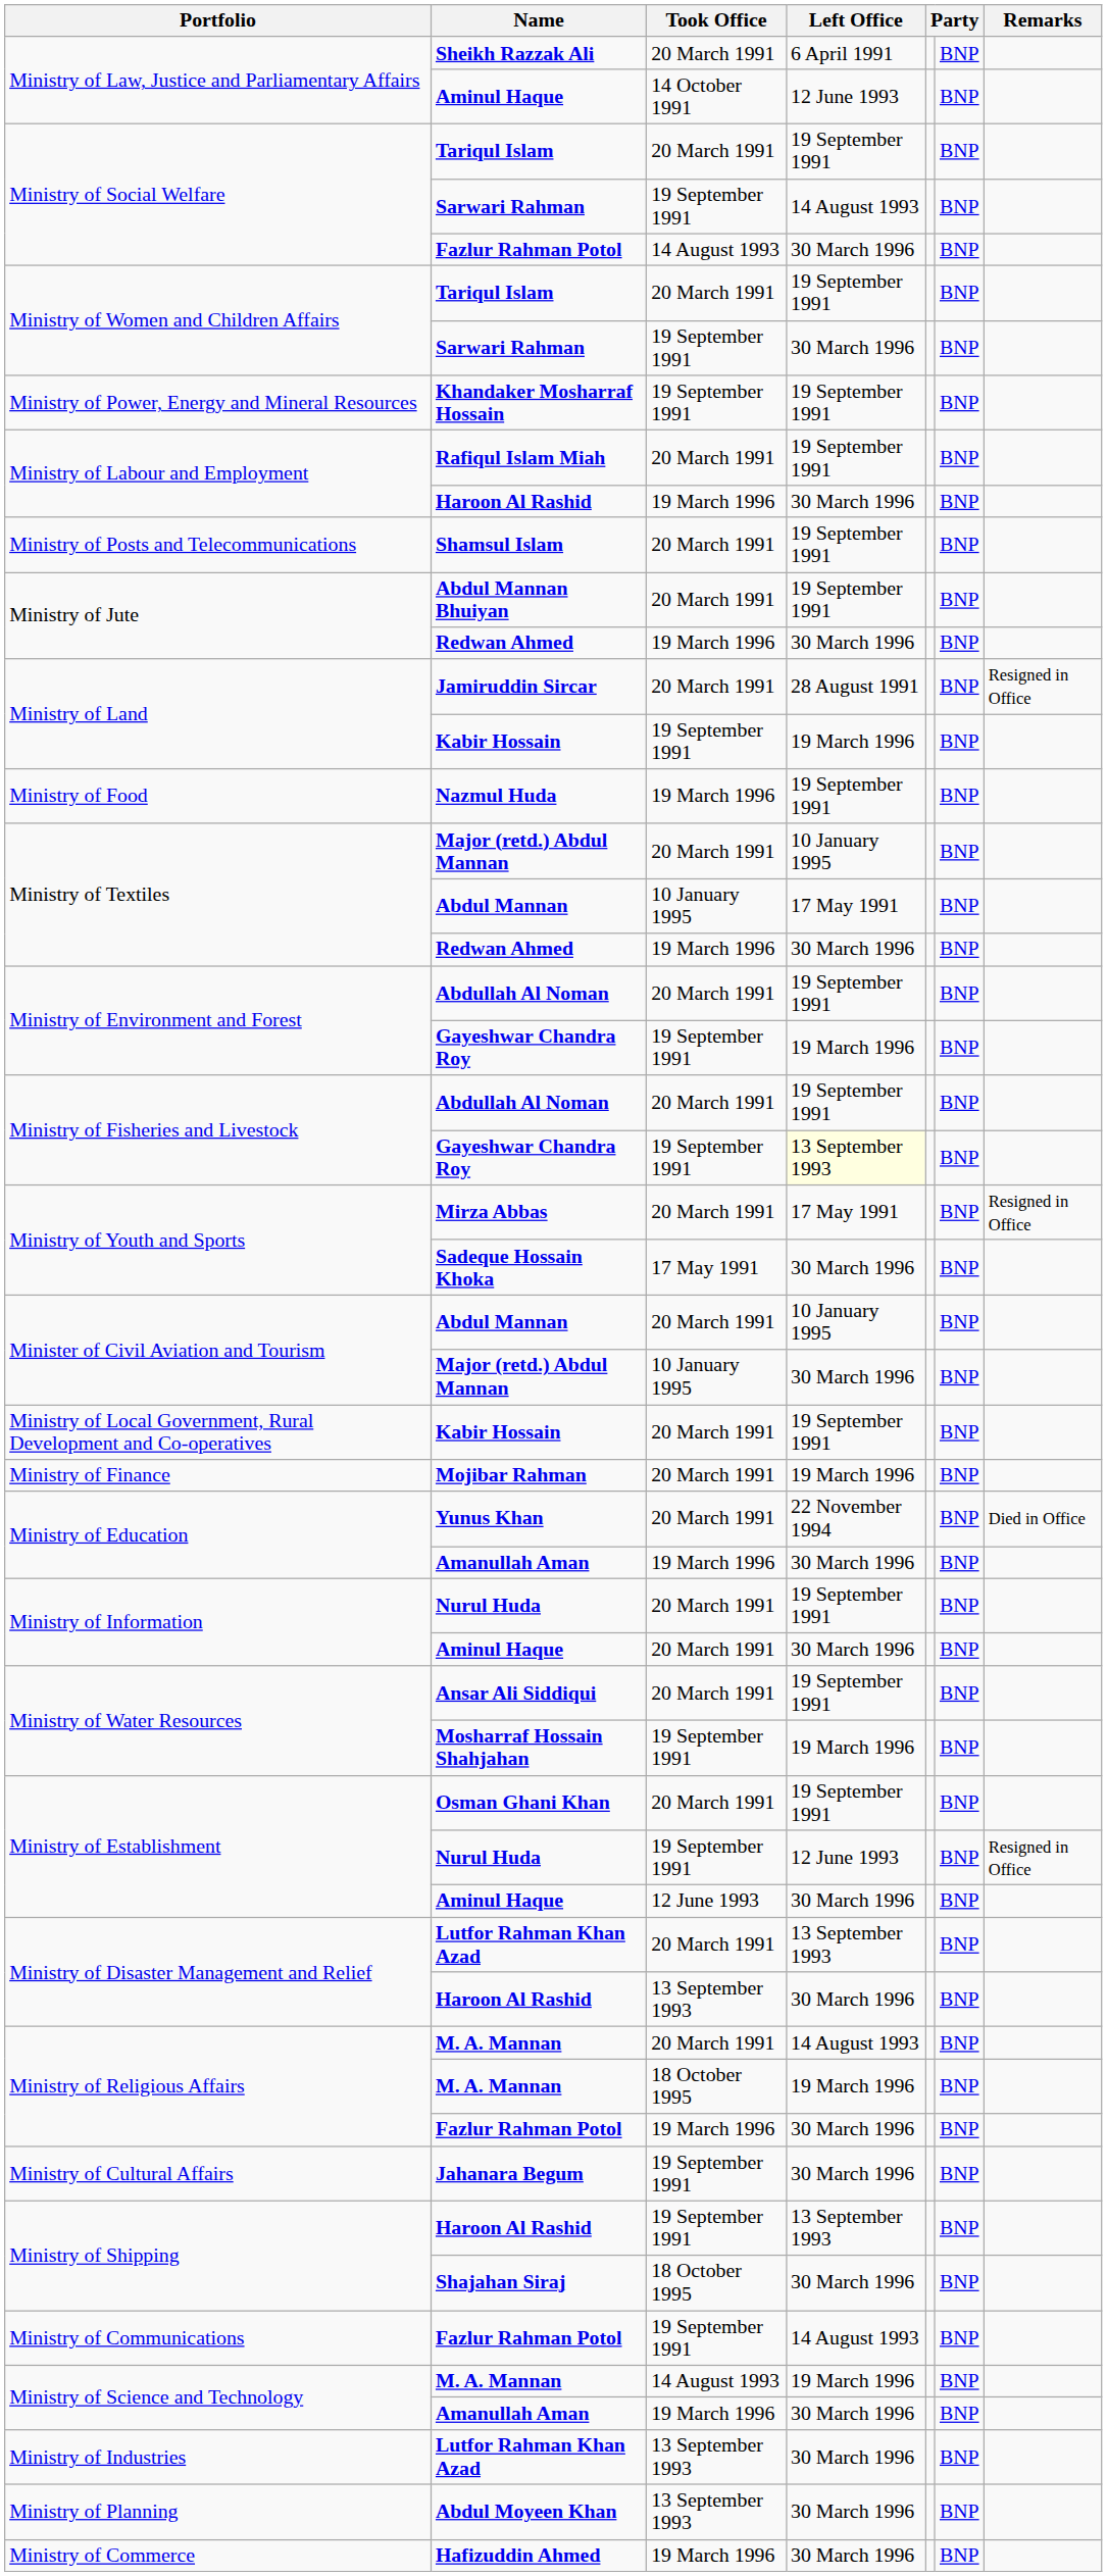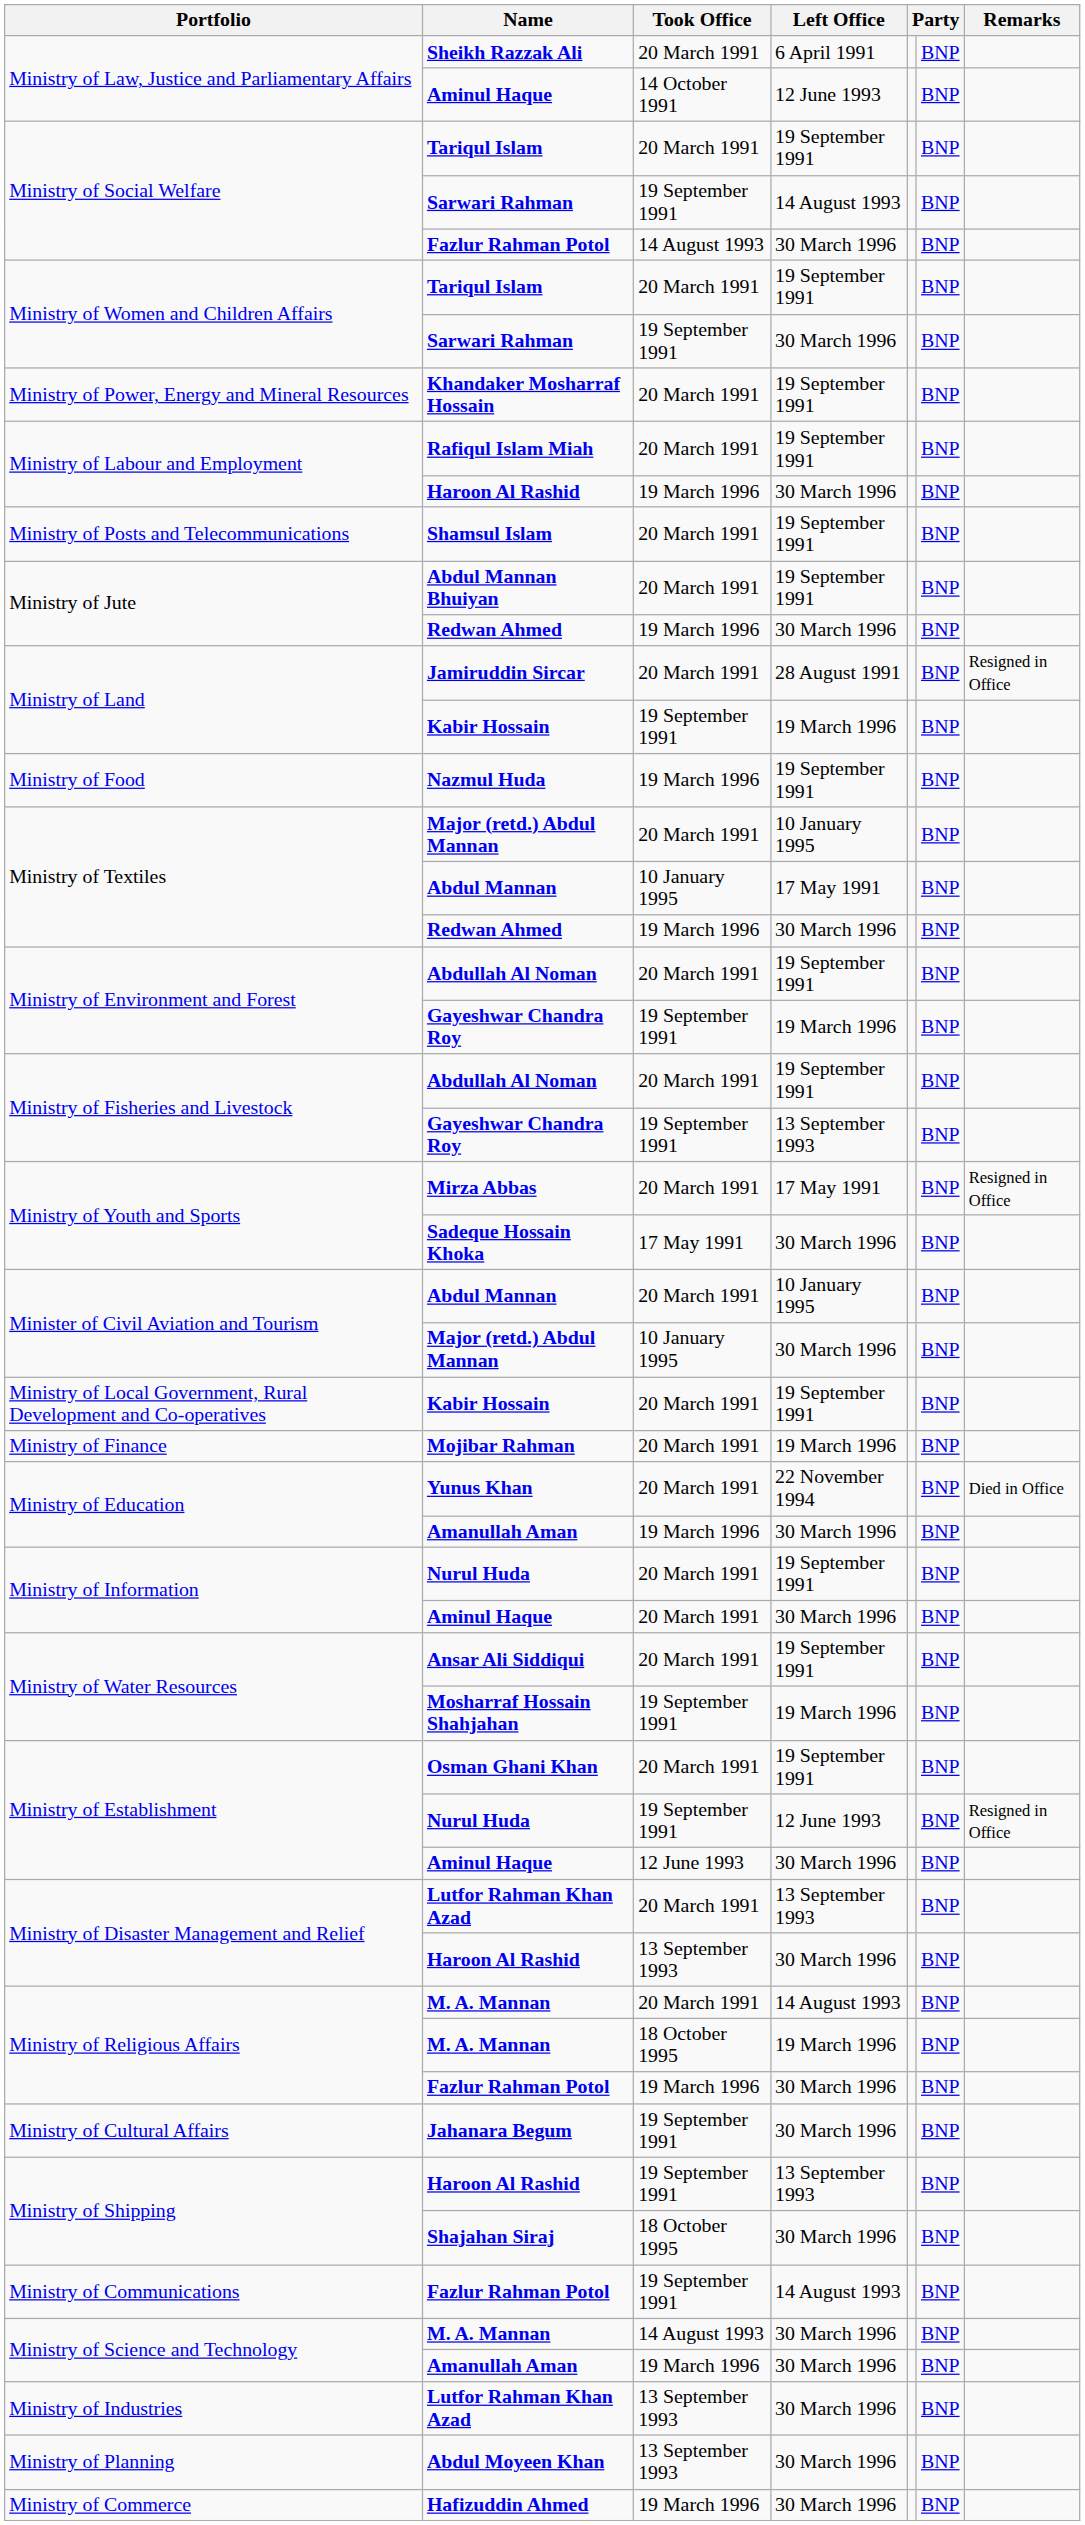 <table class="wikitable sortable">
 <tr>
 <th>Portfolio</th>
 <th>Name</th>
 <th>Took Office</th>
 <th>Left Office</th>
 <th colspan="2">Party</th>
 <th>Remarks</th>
 </tr>
 <tr>
 <td rowspan="2"><a href='#'>Ministry of Law, Justice and Parliamentary Affairs</a></td>
 <td><a href='#'><strong>Sheikh Razzak Ali</strong></a></td>
 <td>20 March 1991</td>
 <td>6 April 1991</td>
 <td style="background-color:"></td>
 <td><a href='#'>BNP</a></td>
 <td></td>
 </tr>
 <tr>
 <td><a href='#'><strong>Aminul Haque</strong></a></td>
 <td>14 October 1991</td>
 <td>12 June 1993</td>
 <td style="background-color:"></td>
 <td><a href='#'>BNP</a></td>
 <td></td>
 </tr>
 <tr>
 <td rowspan="3"><a href='#'>Ministry of Social Welfare</a></td>
 <td><a href='#'><strong>Tariqul Islam</strong></a></td>
 <td>20 March 1991</td>
 <td>19 September 1991</td>
 <td style="background-color:"></td>
 <td><a href='#'>BNP</a></td>
 <td></td>
 </tr>
 <tr>
 <td><a href='#'><strong>Sarwari Rahman</strong></a></td>
 <td>19 September 1991</td>
 <td>14 August 1993</td>
 <td style="background-color:"></td>
 <td><a href='#'>BNP</a></td>
 <td></td>
 </tr>
 <tr>
 <td><a href='#'><strong>Fazlur Rahman Potol</strong></a></td>
 <td>14 August 1993</td>
 <td>30 March 1996</td>
 <td style="background-color:"></td>
 <td><a href='#'>BNP</a></td>
 <td></td>
 </tr>
 <tr>
 <td rowspan="2"><a href='#'>Ministry of Women and Children Affairs</a></td>
 <td><a href='#'><strong>Tariqul Islam</strong></a></td>
 <td>20 March 1991</td>
 <td>19 September 1991</td>
 <td style="background-color:"></td>
 <td><a href='#'>BNP</a></td>
 <td></td>
 </tr>
 <tr>
 <td><a href='#'><strong>Sarwari Rahman</strong></a></td>
 <td>19 September 1991</td>
 <td>30 March 1996</td>
 <td style="background-color:"></td>
 <td><a href='#'>BNP</a></td>
 <td></td>
 </tr>
 <tr>
 <td><a href='#'>Ministry of Power, Energy and Mineral Resources</a></td>
 <td><a href='#'><strong>Khandaker Mosharraf Hossain</strong></a></td>
-<td>19 September 1991</td>
+<td>20 March 1991</td>
 <td>19 September 1991</td>
 <td style="background-color:"></td>
 <td><a href='#'>BNP</a></td>
 <td></td>
 </tr>
 <tr>
 <td rowspan="2"><a href='#'>Ministry of Labour and Employment</a></td>
 <td><a href='#'><strong>Rafiqul Islam Miah</strong></a></td>
 <td>20 March 1991</td>
 <td>19 September 1991</td>
 <td style="background-color:"></td>
 <td><a href='#'>BNP</a></td>
 <td></td>
 </tr>
 <tr>
 <td><a href='#'><strong>Haroon Al Rashid</strong></a></td>
 <td>19 March 1996</td>
 <td>30 March 1996</td>
 <td style="background-color:"></td>
 <td><a href='#'>BNP</a></td>
 <td></td>
 </tr>
 <tr>
 <td><a href='#'>Ministry of Posts and Telecommunications</a></td>
 <td><a href='#'><strong>Shamsul Islam</strong></a></td>
 <td>20 March 1991</td>
 <td>19 September 1991</td>
 <td style="background-color:"></td>
 <td><a href='#'>BNP</a></td>
 <td></td>
 </tr>
 <tr>
 <td rowspan="2">Ministry of Jute</td>
 <td><a href='#'><strong>Abdul Mannan Bhuiyan</strong></a></td>
 <td>20 March 1991</td>
 <td>19 September 1991</td>
 <td style="background-color:"></td>
 <td><a href='#'>BNP</a></td>
 <td></td>
 </tr>
 <tr>
 <td><a href='#'><strong>Redwan Ahmed</strong></a></td>
 <td>19 March 1996</td>
 <td>30 March 1996</td>
 <td style="background-color:"></td>
 <td><a href='#'>BNP</a></td>
 <td></td>
 </tr>
 <tr>
 <td rowspan="2"><a href='#'>Ministry of Land</a></td>
 <td><a href='#'><strong>Jamiruddin Sircar</strong></a></td>
 <td>20 March 1991</td>
 <td>28 August 1991</td>
 <td style="background-color:"></td>
 <td><a href='#'>BNP</a></td>
 <td><small>Resigned in Office</small></td>
 </tr>
 <tr>
 <td><a href='#'><strong>Kabir Hossain</strong></a></td>
 <td>19 September 1991</td>
 <td>19 March 1996</td>
 <td style="background-color:"></td>
 <td><a href='#'>BNP</a></td>
 <td></td>
 </tr>
 <tr>
 <td><a href='#'>Ministry of Food</a></td>
 <td><a href='#'><strong>Nazmul Huda</strong></a></td>
 <td>19 March 1996</td>
 <td>19 September 1991</td>
 <td style="background-color:"></td>
 <td><a href='#'>BNP</a></td>
 <td></td>
 </tr>
 <tr>
 <td rowspan="3">Ministry of Textiles</td>
 <td><a href='#'><strong>Major (retd.) Abdul Mannan</strong></a></td>
 <td>20 March 1991</td>
 <td>10 January 1995</td>
 <td style="background-color:"></td>
 <td><a href='#'>BNP</a></td>
 <td></td>
 </tr>
 <tr>
 <td><a href='#'><strong>Abdul Mannan</strong></a></td>
 <td>10 January 1995</td>
 <td>17 May 1991</td>
 <td style="background-color:"></td>
 <td><a href='#'>BNP</a></td>
 <td></td>
 </tr>
 <tr>
 <td><a href='#'><strong>Redwan Ahmed</strong></a></td>
 <td>19 March 1996</td>
 <td>30 March 1996</td>
 <td style="background-color:"></td>
 <td><a href='#'>BNP</a></td>
 <td></td>
 </tr>
 <tr>
 <td rowspan="2"><a href='#'>Ministry of Environment and Forest</a></td>
 <td><a href='#'><strong>Abdullah Al Noman</strong></a></td>
 <td>20 March 1991</td>
 <td>19 September 1991</td>
 <td style="background-color:"></td>
 <td><a href='#'>BNP</a></td>
 <td></td>
 </tr>
 <tr>
 <td><a href='#'><strong>Gayeshwar Chandra Roy</strong></a></td>
 <td>19 September 1991</td>
 <td>19 March 1996</td>
 <td style="background-color:"></td>
 <td><a href='#'>BNP</a></td>
 <td></td>
 </tr>
 <tr>
 <td rowspan="2"><a href='#'>Ministry of Fisheries and Livestock</a></td>
 <td><a href='#'><strong>Abdullah Al Noman</strong></a></td>
 <td>20 March 1991</td>
 <td>19 September 1991</td>
 <td style="background-color:"></td>
 <td><a href='#'>BNP</a></td>
 <td></td>
 </tr>
 <tr>
 <td><a href='#'><strong>Gayeshwar Chandra Roy</strong></a></td>
 <td>19 September 1991</td>
-<td style="background: lightyellow;">13 September 1993</td>
+<td>13 September 1993</td>
 <td style="background-color:"></td>
 <td><a href='#'>BNP</a></td>
 <td></td>
 </tr>
 <tr>
 <td rowspan="2"><a href='#'>Ministry of Youth and Sports</a></td>
 <td><a href='#'><strong>Mirza Abbas</strong></a></td>
 <td>20 March 1991</td>
 <td>17 May 1991</td>
 <td style="background-color:"></td>
 <td><a href='#'>BNP</a></td>
 <td><small>Resigned in Office</small></td>
 </tr>
 <tr>
 <td><a href='#'><strong>Sadeque Hossain Khoka</strong></a></td>
 <td>17 May 1991</td>
 <td>30 March 1996</td>
 <td style="background-color:"></td>
 <td><a href='#'>BNP</a></td>
 <td></td>
 </tr>
 <tr>
 <td rowspan="2"><a href='#'>Minister of Civil Aviation and Tourism</a></td>
 <td><a href='#'><strong>Abdul Mannan</strong></a></td>
 <td>20 March 1991</td>
 <td>10 January 1995</td>
 <td style="background-color:"></td>
 <td><a href='#'>BNP</a></td>
 <td></td>
 </tr>
 <tr>
 <td><a href='#'><strong>Major (retd.) Abdul Mannan</strong></a></td>
 <td>10 January 1995</td>
 <td>30 March 1996</td>
 <td style="background-color:"></td>
 <td><a href='#'>BNP</a></td>
 <td></td>
 </tr>
 <tr>
 <td><a href='#'>Ministry of Local Government, Rural Development and Co-operatives</a></td>
 <td><a href='#'><strong>Kabir Hossain</strong></a></td>
 <td>20 March 1991</td>
 <td>19 September 1991</td>
 <td style="background-color:"></td>
 <td><a href='#'>BNP</a></td>
 <td></td>
 </tr>
 <tr>
 <td><a href='#'>Ministry of Finance</a></td>
 <td><a href='#'><strong>Mojibar Rahman</strong></a></td>
 <td>20 March 1991</td>
 <td>19 March 1996</td>
 <td style="background-color:"></td>
 <td><a href='#'>BNP</a></td>
 <td></td>
 </tr>
 <tr>
 <td rowspan="2"><a href='#'>Ministry of Education</a></td>
 <td><a href='#'><strong>Yunus Khan</strong></a></td>
 <td>20 March 1991</td>
 <td>22 November 1994</td>
 <td style="background-color:"></td>
 <td><a href='#'>BNP</a></td>
 <td><small>Died in Office</small></td>
 </tr>
 <tr>
 <td><a href='#'><strong>Amanullah Aman</strong></a></td>
 <td>19 March 1996</td>
 <td>30 March 1996</td>
 <td style="background-color:"></td>
 <td><a href='#'>BNP</a></td>
 <td></td>
 </tr>
 <tr>
 <td rowspan="2"><a href='#'>Ministry of Information</a></td>
 <td><a href='#'><strong>Nurul Huda</strong></a></td>
 <td>20 March 1991</td>
 <td>19 September 1991</td>
 <td style="background-color:"></td>
 <td><a href='#'>BNP</a></td>
 <td></td>
 </tr>
 <tr>
 <td><a href='#'><strong>Aminul Haque</strong></a></td>
 <td>20 March 1991</td>
 <td>30 March 1996</td>
 <td style="background-color:"></td>
 <td><a href='#'>BNP</a></td>
 <td></td>
 </tr>
 <tr>
 <td rowspan="2"><a href='#'>Ministry of Water Resources</a></td>
 <td><a href='#'><strong>Ansar Ali Siddiqui</strong></a></td>
 <td>20 March 1991</td>
 <td>19 September 1991</td>
 <td style="background-color:"></td>
 <td><a href='#'>BNP</a></td>
 <td></td>
 </tr>
 <tr>
 <td><a href='#'><strong>Mosharraf Hossain Shahjahan</strong></a></td>
 <td>19 September 1991</td>
 <td>19 March 1996</td>
 <td style="background-color:"></td>
 <td><a href='#'>BNP</a></td>
 <td></td>
 </tr>
 <tr>
 <td rowspan="3"><a href='#'>Ministry of Establishment</a></td>
 <td><a href='#'><strong>Osman Ghani Khan</strong></a></td>
 <td>20 March 1991</td>
 <td>19 September 1991</td>
 <td style="background-color:"></td>
 <td><a href='#'>BNP</a></td>
 <td></td>
 </tr>
 <tr>
 <td><a href='#'><strong>Nurul Huda</strong></a></td>
 <td>19 September 1991</td>
 <td>12 June 1993</td>
 <td style="background-color:"></td>
 <td><a href='#'>BNP</a></td>
 <td><small>Resigned in Office</small></td>
 </tr>
 <tr>
 <td><a href='#'><strong>Aminul Haque</strong></a></td>
 <td>12 June 1993</td>
 <td>30 March 1996</td>
 <td style="background-color:"></td>
 <td><a href='#'>BNP</a></td>
 <td></td>
 </tr>
 <tr>
 <td rowspan="2"><a href='#'>Ministry of Disaster Management and Relief</a></td>
 <td><a href='#'><strong>Lutfor Rahman Khan Azad</strong></a></td>
 <td>20 March 1991</td>
 <td>13 September 1993</td>
 <td style="background-color:"></td>
 <td><a href='#'>BNP</a></td>
 <td></td>
 </tr>
 <tr>
 <td><a href='#'><strong>Haroon Al Rashid</strong></a></td>
 <td>13 September 1993</td>
 <td>30 March 1996</td>
 <td style="background-color:"></td>
 <td><a href='#'>BNP</a></td>
 <td></td>
 </tr>
 <tr>
 <td rowspan="3"><a href='#'>Ministry of Religious Affairs</a></td>
 <td><a href='#'><strong>M. A. Mannan</strong></a></td>
 <td>20 March 1991</td>
 <td>14 August 1993</td>
 <td style="background-color:"></td>
 <td><a href='#'>BNP</a></td>
 <td></td>
 </tr>
 <tr>
 <td><a href='#'><strong>M. A. Mannan</strong></a></td>
 <td>18 October 1995</td>
 <td>19 March 1996</td>
 <td style="background-color:"></td>
 <td><a href='#'>BNP</a></td>
 <td></td>
 </tr>
 <tr>
 <td><a href='#'><strong>Fazlur Rahman Potol</strong></a></td>
 <td>19 March 1996</td>
 <td>30 March 1996</td>
 <td style="background-color:"></td>
 <td><a href='#'>BNP</a></td>
 <td></td>
 </tr>
 <tr>
 <td><a href='#'>Ministry of Cultural Affairs</a></td>
 <td><a href='#'><strong>Jahanara Begum</strong></a></td>
 <td>19 September 1991</td>
 <td>30 March 1996</td>
 <td style="background-color:"></td>
 <td><a href='#'>BNP</a></td>
 <td></td>
 </tr>
 <tr>
 <td rowspan="2"><a href='#'>Ministry of Shipping</a></td>
 <td><a href='#'><strong>Haroon Al Rashid</strong></a></td>
 <td>19 September 1991</td>
 <td>13 September 1993</td>
 <td style="background-color:"></td>
 <td><a href='#'>BNP</a></td>
 <td></td>
 </tr>
 <tr>
 <td><a href='#'><strong>Shajahan Siraj</strong></a></td>
 <td>18 October 1995</td>
 <td>30 March 1996</td>
 <td style="background-color:"></td>
 <td><a href='#'>BNP</a></td>
 <td></td>
 </tr>
 <tr>
 <td><a href='#'>Ministry of Communications</a></td>
 <td><a href='#'><strong>Fazlur Rahman Potol</strong></a></td>
 <td>19 September 1991</td>
 <td>14 August 1993</td>
 <td style="background-color:"></td>
 <td><a href='#'>BNP</a></td>
 <td></td>
 </tr>
 <tr>
 <td rowspan="2"><a href='#'>Ministry of Science and Technology</a></td>
 <td><a href='#'><strong>M. A. Mannan</strong></a></td>
 <td>14 August 1993</td>
-<td>19 March 1996</td>
+<td>30 March 1996</td>
 <td style="background-color:"></td>
 <td><a href='#'>BNP</a></td>
 <td></td>
 </tr>
 <tr>
 <td><a href='#'><strong>Amanullah Aman</strong></a></td>
 <td>19 March 1996</td>
 <td>30 March 1996</td>
 <td style="background-color:"></td>
 <td><a href='#'>BNP</a></td>
 <td></td>
 </tr>
 <tr>
 <td><a href='#'>Ministry of Industries</a></td>
 <td><a href='#'><strong>Lutfor Rahman Khan Azad</strong></a></td>
 <td>13 September 1993</td>
 <td>30 March 1996</td>
 <td style="background-color:"></td>
 <td><a href='#'>BNP</a></td>
 <td></td>
 </tr>
 <tr>
 <td><a href='#'>Ministry of Planning</a></td>
 <td><a href='#'><strong>Abdul Moyeen Khan</strong></a></td>
 <td>13 September 1993</td>
 <td>30 March 1996</td>
 <td style="background-color:"></td>
 <td><a href='#'>BNP</a></td>
 <td></td>
 </tr>
 <tr>
 <td><a href='#'>Ministry of Commerce</a></td>
 <td><a href='#'><strong>Hafizuddin Ahmed</strong></a></td>
 <td>19 March 1996</td>
 <td>30 March 1996</td>
 <td style="background-color:"></td>
 <td><a href='#'>BNP</a></td>
 <td></td>
 </tr>
 </table>
